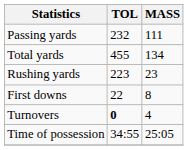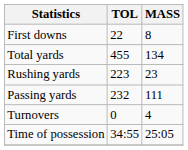 <table class="wikitable">
 <tr>
 <th>Statistics</th>
 <th>TOL</th>
 <th>MASS</th>
 </tr>
 <tr>
-<td>Passing yards</td>
-<td>232</td>
-<td>111</td>
+<td>First downs</td>
+<td>22</td>
+<td>8</td>
 </tr>
 <tr>
 <td>Total yards</td>
 <td>455</td>
 <td>134</td>
 </tr>
 <tr>
 <td>Rushing yards</td>
 <td>223</td>
 <td>23</td>
 </tr>
 <tr>
-<td>First downs</td>
-<td>22</td>
-<td>8</td>
+<td>Passing yards</td>
+<td>232</td>
+<td>111</td>
 </tr>
 <tr>
 <td>Turnovers</td>
-<td><strong>0</strong></td>
+<td>0</td>
 <td>4</td>
 </tr>
 <tr>
 <td>Time of possession</td>
 <td>34:55</td>
 <td>25:05</td>
 </tr>
 <tr>
 </tr>
 </table>
